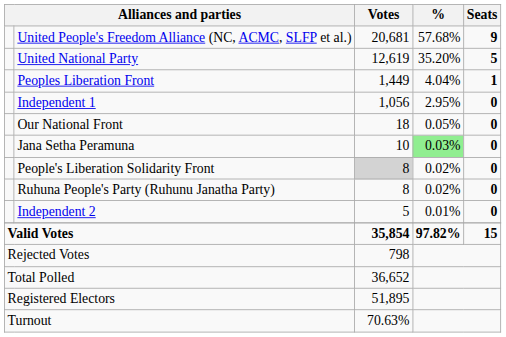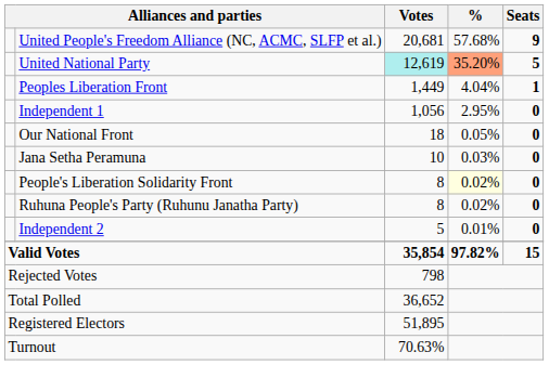 <table class="wikitable" border="1" style="text-align:right;">
 <tr>
 <th valign=bottom align=left colspan=2>Alliances and parties</th>
 <th valign=bottom align=center width="60">Votes</th>
 <th valign=bottom align=center width="50">%</th>
 <th valign=bottom align=center>Seats</th>
 </tr>
 <tr>
 <td bgcolor=> </td>
 <td align=left><a href='#'>United People's Freedom Alliance</a> (NC, <a href='#'>ACMC</a>, <a href='#'>SLFP</a> et al.)</td>
 <td>20,681</td>
 <td>57.68%</td>
 <td><strong>9</strong></td>
 </tr>
 <tr>
 <td bgcolor=> </td>
 <td align=left><a href='#'>United National Party</a></td>
-<td>12,619</td>
-<td>35.20%</td>
+<td style="background: paleturquoise;">12,619</td>
+<td style="background: lightsalmon;">35.20%</td>
 <td><strong>5</strong></td>
 </tr>
 <tr>
 <td bgcolor=> </td>
 <td align=left><a href='#'>Peoples Liberation Front</a></td>
 <td>1,449</td>
 <td>4.04%</td>
 <td><strong>1</strong></td>
 </tr>
 <tr>
 <td></td>
 <td align=left><a href='#'>Independent 1</a></td>
 <td>1,056</td>
 <td>2.95%</td>
 <td><strong>0</strong></td>
 </tr>
 <tr>
 <td></td>
 <td align=left>Our National Front</td>
 <td>18</td>
 <td>0.05%</td>
 <td><strong>0</strong></td>
 </tr>
 <tr>
 <td></td>
 <td align=left>Jana Setha Peramuna</td>
 <td>10</td>
-<td style="background: lightgreen;">0.03%</td>
+<td>0.03%</td>
 <td><strong>0</strong></td>
 </tr>
 <tr>
 <td></td>
 <td align=left>People's Liberation Solidarity Front</td>
-<td style="background: lightgrey;">8</td>
-<td>0.02%</td>
+<td>8</td>
+<td style="background: lightyellow;">0.02%</td>
 <td><strong>0</strong></td>
 </tr>
 <tr>
 <td></td>
 <td align=left>Ruhuna People's Party (Ruhunu Janatha Party)</td>
 <td>8</td>
 <td>0.02%</td>
 <td><strong>0</strong></td>
 </tr>
 <tr>
 <td></td>
 <td align=left><a href='#'>Independent 2</a></td>
 <td>5</td>
 <td>0.01%</td>
 <td><strong>0</strong></td>
 </tr>
 <tr>
 </tr>
 <tr>
 <td colspan=2 align=left><strong>Valid Votes</strong></td>
 <td><strong>35,854</strong></td>
 <td><strong>97.82%</strong></td>
 <td><strong>15</strong></td>
 </tr>
 <tr>
 <td colspan=2 align=left>Rejected Votes</td>
 <td>798</td>
 <td colspan=2></td>
 </tr>
 <tr>
 <td colspan=2 align=left>Total Polled</td>
 <td>36,652</td>
 <td colspan=2></td>
 </tr>
 <tr>
 <td colspan=2 align=left>Registered Electors</td>
 <td>51,895</td>
 <td colspan=2></td>
 </tr>
 <tr>
 <td colspan=2 align=left>Turnout</td>
 <td>70.63%</td>
 <td colspan=2></td>
 </tr>
 </table>
